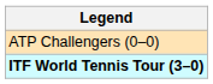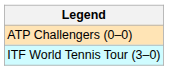 <table class=wikitable style=font-size:97% align=left>
 <tr>
 <th>Legend</th>
 </tr>
 <tr style="background:moccasin;">
 <td>ATP Challengers (0–0)</td>
 </tr>
 <tr style="background:#cffcff;">
-<td><strong>ITF World Tennis Tour (3–0)</strong></td>
+<td>ITF World Tennis Tour (3–0)</td>
 </tr>
 </table>
